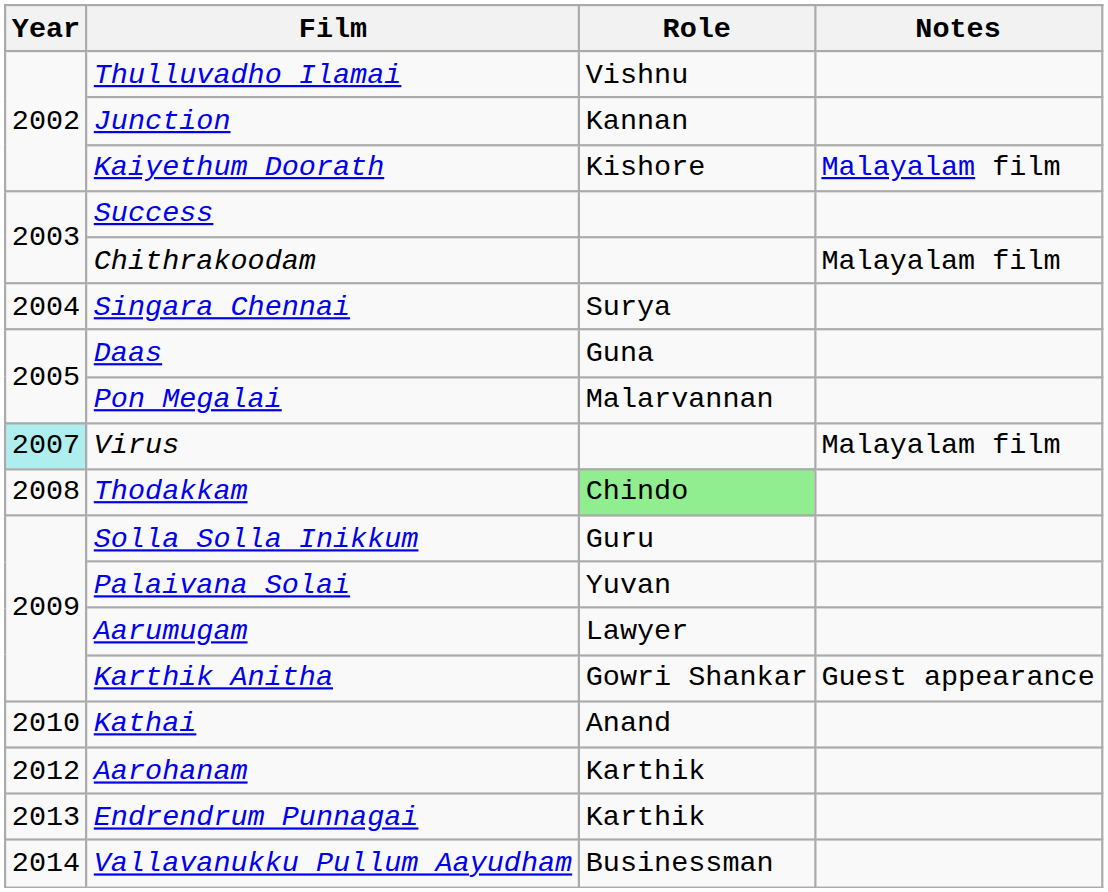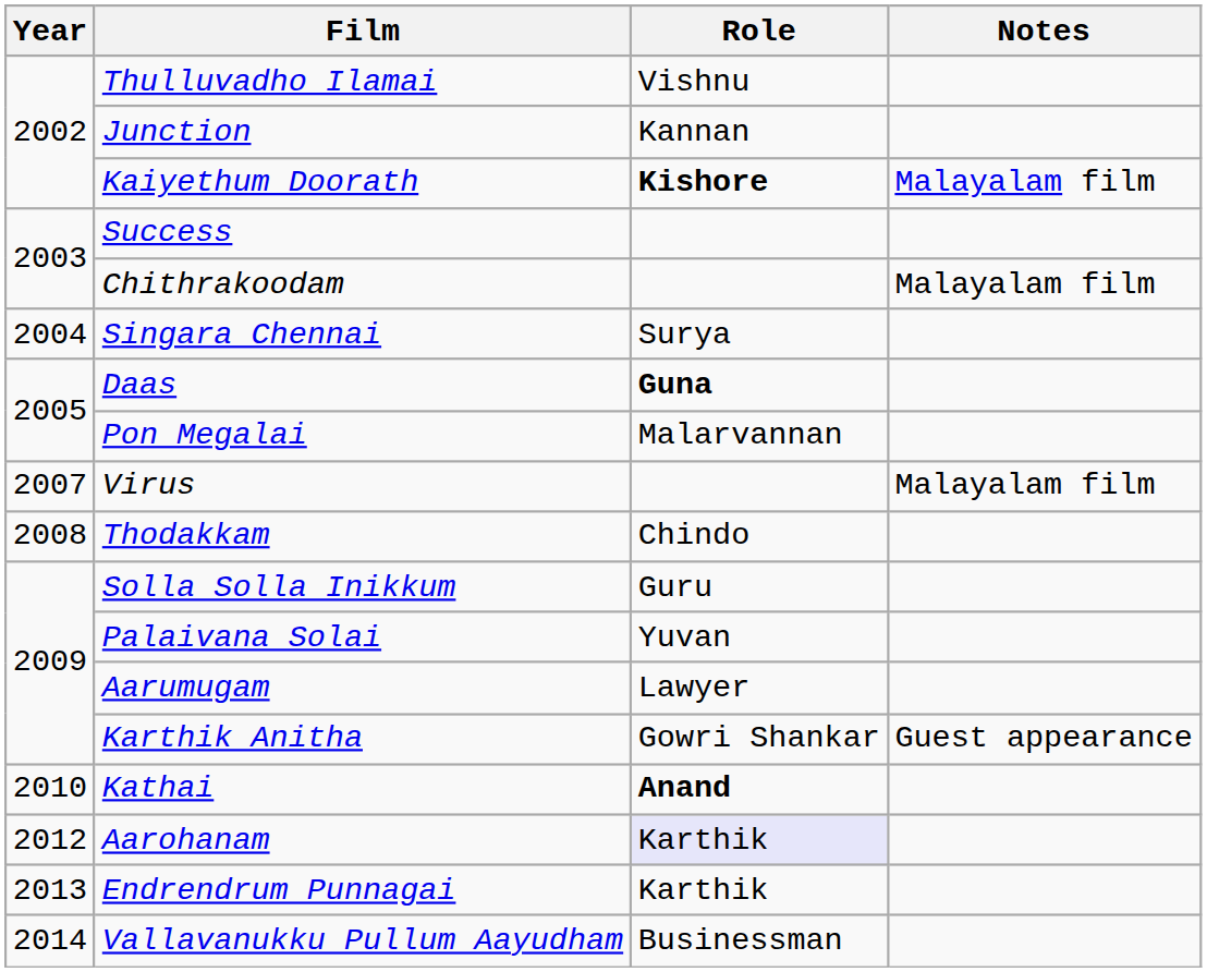 <table class="wikitable">
 <tr>
 <th>Year</th>
 <th>Film</th>
 <th>Role</th>
 <th>Notes</th>
 </tr>
 <tr>
 <td rowspan="3">2002</td>
 <td><em><a href='#'>Thulluvadho Ilamai</a></em></td>
 <td>Vishnu</td>
 <td></td>
 </tr>
 <tr>
 <td><em><a href='#'>Junction</a></em></td>
 <td>Kannan</td>
 <td></td>
 </tr>
 <tr>
 <td><em><a href='#'>Kaiyethum Doorath</a></em></td>
-<td>Kishore</td>
+<td><strong>Kishore</strong></td>
 <td><a href='#'>Malayalam</a> film</td>
 </tr>
 <tr>
 <td rowspan="2">2003</td>
 <td><em><a href='#'>Success</a></em></td>
 <td></td>
 <td></td>
 </tr>
 <tr>
 <td><em>Chithrakoodam</em></td>
 <td></td>
 <td>Malayalam film</td>
 </tr>
 <tr>
 <td>2004</td>
 <td><em><a href='#'>Singara Chennai</a></em></td>
 <td>Surya</td>
 <td></td>
 </tr>
 <tr>
 <td rowspan="2">2005</td>
 <td><em><a href='#'>Daas</a></em></td>
-<td>Guna</td>
+<td><strong>Guna</strong></td>
 <td></td>
 </tr>
 <tr>
 <td><em><a href='#'>Pon Megalai</a></em></td>
 <td>Malarvannan</td>
 <td></td>
 </tr>
 <tr>
-<td style="background: paleturquoise;">2007</td>
+<td>2007</td>
 <td><em>Virus</em></td>
 <td></td>
 <td>Malayalam film</td>
 </tr>
 <tr>
 <td>2008</td>
 <td><em><a href='#'>Thodakkam</a></em></td>
-<td style="background: lightgreen;">Chindo</td>
+<td>Chindo</td>
 <td></td>
 </tr>
 <tr>
 <td rowspan="4">2009</td>
 <td><em><a href='#'>Solla Solla Inikkum</a></em></td>
 <td>Guru</td>
 <td></td>
 </tr>
 <tr>
 <td><em><a href='#'>Palaivana Solai</a></em></td>
 <td>Yuvan</td>
 <td></td>
 </tr>
 <tr>
 <td><em><a href='#'>Aarumugam</a></em></td>
 <td>Lawyer</td>
 <td></td>
 </tr>
 <tr>
 <td><em><a href='#'>Karthik Anitha</a></em></td>
 <td>Gowri Shankar</td>
 <td>Guest appearance</td>
 </tr>
 <tr>
 <td>2010</td>
 <td><em><a href='#'>Kathai</a></em></td>
-<td>Anand</td>
+<td><strong>Anand</strong></td>
 <td></td>
 </tr>
 <tr>
 <td>2012</td>
 <td><em><a href='#'>Aarohanam</a></em></td>
-<td>Karthik</td>
+<td style="background: lavender;">Karthik</td>
 <td></td>
 </tr>
 <tr>
 <td>2013</td>
 <td><em><a href='#'>Endrendrum Punnagai</a></em></td>
 <td>Karthik</td>
 <td></td>
 </tr>
 <tr>
 <td>2014</td>
 <td><em><a href='#'>Vallavanukku Pullum Aayudham</a></em></td>
 <td>Businessman</td>
 <td></td>
 </tr>
 </table>
